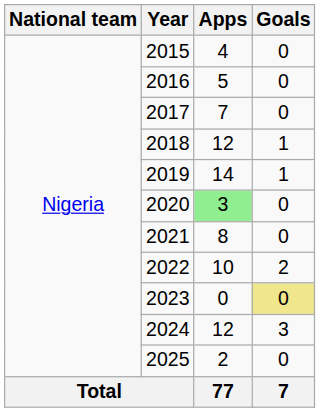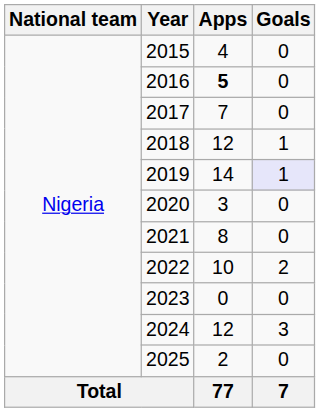 <table class="wikitable" style="text-align:center">
 <tr>
 <th>National team</th>
 <th>Year</th>
 <th>Apps</th>
 <th>Goals</th>
 </tr>
 <tr>
 <td rowspan="11"><a href='#'>Nigeria</a></td>
 <td>2015</td>
 <td>4</td>
 <td>0</td>
 </tr>
 <tr>
 <td>2016</td>
-<td>5</td>
+<td><strong>5</strong></td>
 <td>0</td>
 </tr>
 <tr>
 <td>2017</td>
 <td>7</td>
 <td>0</td>
 </tr>
 <tr>
 <td>2018</td>
 <td>12</td>
 <td>1</td>
 </tr>
 <tr>
 <td>2019</td>
 <td>14</td>
-<td>1</td>
+<td style="background: lavender;">1</td>
 </tr>
 <tr>
 <td>2020</td>
-<td style="background: lightgreen;">3</td>
+<td>3</td>
 <td>0</td>
 </tr>
 <tr>
 <td>2021</td>
 <td>8</td>
 <td>0</td>
 </tr>
 <tr>
 <td>2022</td>
 <td>10</td>
 <td>2</td>
 </tr>
 <tr>
 <td>2023</td>
 <td>0</td>
-<td style="background: khaki;">0</td>
+<td>0</td>
 </tr>
 <tr>
 <td>2024</td>
 <td>12</td>
 <td>3</td>
 </tr>
 <tr>
 <td>2025</td>
 <td>2</td>
 <td>0</td>
 </tr>
 <tr>
 <th colspan="2">Total</th>
 <th>77</th>
 <th>7</th>
 </tr>
 </table>
